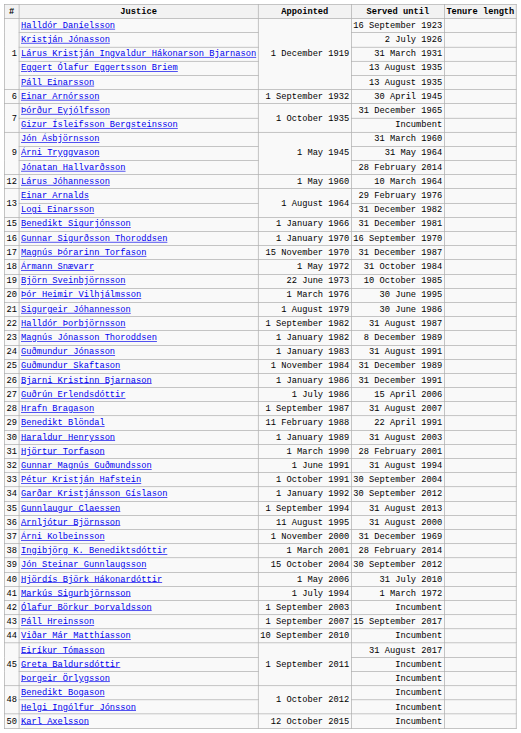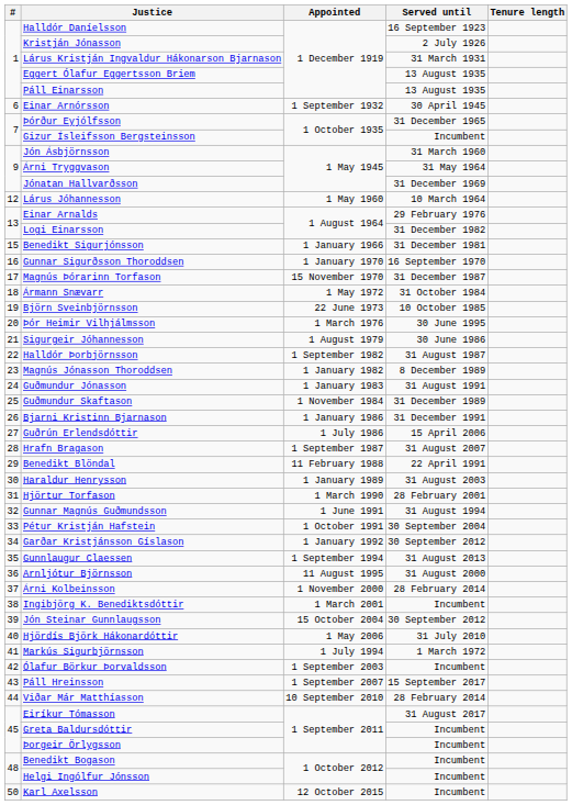 <table class="sortable wikitable" style="text-align: right;">
 <tr>
 <th>#</th>
 <th>Justice</th>
 <th>Appointed</th>
 <th>Served until</th>
 <th>Tenure length</th>
 </tr>
 <tr>
 <td rowspan="5">1</td>
 <td style="text-align: left;"><a href='#'>Halldór Daníelsson</a></td>
 <td rowspan="5">1 December 1919</td>
 <td>16 September 1923</td>
 <td></td>
 </tr>
 <tr>
 <td style="text-align: left;"><a href='#'>Kristján Jónasson</a></td>
 <td>2 July 1926</td>
 <td></td>
 </tr>
 <tr>
 <td style="text-align: left;"><a href='#'>Lárus Kristján Ingvaldur Hákonarson Bjarnason</a></td>
 <td>31 March 1931</td>
 <td></td>
 </tr>
 <tr>
 <td style="text-align: left;"><a href='#'>Eggert Ólafur Eggertsson Briem</a></td>
 <td>13 August 1935</td>
 <td></td>
 </tr>
 <tr>
 <td style="text-align: left;"><a href='#'>Páll Einarsson</a></td>
 <td>13 August 1935</td>
 <td></td>
 </tr>
 <tr>
 <td>6</td>
 <td style="text-align: left;"><a href='#'>Einar Arnórsson</a></td>
 <td>1 September 1932</td>
 <td>30 April 1945</td>
 <td></td>
 </tr>
 <tr>
 <td rowspan="2">7</td>
 <td style="text-align: left;"><a href='#'>Þórður Eyjólfsson</a></td>
 <td rowspan="2">1 October 1935</td>
 <td>31 December 1965</td>
 <td></td>
 </tr>
 <tr>
 <td style="text-align: left;"><a href='#'>Gizur Ísleifsson Bergsteinsson</a></td>
 <td>Incumbent</td>
 <td></td>
 </tr>
 <tr>
 <td rowspan="3">9</td>
 <td style="text-align: left;"><a href='#'>Jón Ásbjörnsson</a></td>
 <td rowspan="3">1 May 1945</td>
 <td>31 March 1960</td>
 <td></td>
 </tr>
 <tr>
 <td style="text-align: left;"><a href='#'>Árni Tryggvason</a></td>
 <td>31 May 1964</td>
 <td></td>
 </tr>
 <tr>
 <td style="text-align: left;"><a href='#'>Jónatan Hallvarðsson</a></td>
-<td>28 February 2014</td>
+<td>31 December 1969</td>
 <td></td>
 </tr>
 <tr>
 <td>12</td>
 <td style="text-align: left;"><a href='#'>Lárus Jóhannesson</a></td>
 <td>1 May 1960</td>
 <td>10 March 1964</td>
 <td></td>
 </tr>
 <tr>
 <td rowspan="2">13</td>
 <td style="text-align: left;"><a href='#'>Einar Arnalds</a></td>
 <td rowspan="2">1 August 1964</td>
 <td>29 February 1976</td>
 <td></td>
 </tr>
 <tr>
 <td style="text-align: left;"><a href='#'>Logi Einarsson</a></td>
 <td>31 December 1982</td>
 <td></td>
 </tr>
 <tr>
 <td>15</td>
 <td style="text-align: left;"><a href='#'>Benedikt Sigurjónsson</a></td>
 <td>1 January 1966</td>
 <td>31 December 1981</td>
 <td></td>
 </tr>
 <tr>
 <td>16</td>
 <td style="text-align: left;"><a href='#'>Gunnar Sigurðsson Thoroddsen</a></td>
 <td>1 January 1970</td>
 <td>16 September 1970</td>
 <td></td>
 </tr>
 <tr>
 <td>17</td>
 <td style="text-align: left;"><a href='#'>Magnús Þórarinn Torfason</a></td>
 <td>15 November 1970</td>
 <td>31 December 1987</td>
 <td></td>
 </tr>
 <tr>
 <td>18</td>
 <td style="text-align: left;"><a href='#'>Ármann Snævarr</a></td>
 <td>1 May 1972</td>
 <td>31 October 1984</td>
 <td></td>
 </tr>
 <tr>
 <td>19</td>
 <td style="text-align: left;"><a href='#'>Björn Sveinbjörnsson</a></td>
 <td>22 June 1973</td>
 <td>10 October 1985</td>
 <td></td>
 </tr>
 <tr>
 <td>20</td>
 <td style="text-align: left;"><a href='#'>Þór Heimir Vilhjálmsson</a></td>
 <td>1 March 1976</td>
 <td>30 June 1995</td>
 <td></td>
 </tr>
 <tr>
 <td>21</td>
 <td style="text-align: left;"><a href='#'>Sigurgeir Jóhannesson</a></td>
 <td>1 August 1979</td>
 <td>30 June 1986</td>
 <td></td>
 </tr>
 <tr>
 <td>22</td>
 <td style="text-align: left;"><a href='#'>Halldór Þorbjörnsson</a></td>
 <td>1 September 1982</td>
 <td>31 August 1987</td>
 <td></td>
 </tr>
 <tr>
 <td>23</td>
 <td style="text-align: left;"><a href='#'>Magnús Jónasson Thoroddsen</a></td>
 <td>1 January 1982</td>
 <td>8 December 1989</td>
 <td></td>
 </tr>
 <tr>
 <td>24</td>
 <td style="text-align: left;"><a href='#'>Guðmundur Jónasson</a></td>
 <td>1 January 1983</td>
 <td>31 August 1991</td>
 <td></td>
 </tr>
 <tr>
 <td>25</td>
 <td style="text-align: left;"><a href='#'>Guðmundur Skaftason</a></td>
 <td>1 November 1984</td>
 <td>31 December 1989</td>
 <td></td>
 </tr>
 <tr>
 <td>26</td>
 <td style="text-align: left;"><a href='#'>Bjarni Kristinn Bjarnason</a></td>
 <td>1 January 1986</td>
 <td>31 December 1991</td>
 <td></td>
 </tr>
 <tr>
 <td>27</td>
 <td style="text-align: left;"><a href='#'>Guðrún Erlendsdóttir</a></td>
 <td>1 July 1986</td>
 <td>15 April 2006</td>
 <td></td>
 </tr>
 <tr>
 <td>28</td>
 <td style="text-align: left;"><a href='#'>Hrafn Bragason</a></td>
 <td>1 September 1987</td>
 <td>31 August 2007</td>
 <td></td>
 </tr>
 <tr>
 <td>29</td>
 <td style="text-align: left;"><a href='#'>Benedikt Blöndal</a></td>
 <td>11 February 1988</td>
 <td>22 April 1991</td>
 <td></td>
 </tr>
 <tr>
 <td>30</td>
 <td style="text-align: left;"><a href='#'>Haraldur Henrysson</a></td>
 <td>1 January 1989</td>
 <td>31 August 2003</td>
 <td></td>
 </tr>
 <tr>
 <td>31</td>
 <td style="text-align: left;"><a href='#'>Hjörtur Torfason</a></td>
 <td>1 March 1990</td>
 <td>28 February 2001</td>
 <td></td>
 </tr>
 <tr>
 <td>32</td>
 <td style="text-align: left;"><a href='#'>Gunnar Magnús Guðmundsson</a></td>
 <td>1 June 1991</td>
 <td>31 August 1994</td>
 <td></td>
 </tr>
 <tr>
 <td>33</td>
 <td style="text-align: left;"><a href='#'>Pétur Kristján Hafstein</a></td>
 <td>1 October 1991</td>
 <td>30 September 2004</td>
 <td></td>
 </tr>
 <tr>
 <td>34</td>
 <td style="text-align: left;"><a href='#'>Garðar Kristjánsson Gíslason</a></td>
 <td>1 January 1992</td>
 <td>30 September 2012</td>
 <td></td>
 </tr>
 <tr>
 <td>35</td>
 <td style="text-align: left;"><a href='#'>Gunnlaugur Claessen</a></td>
 <td>1 September 1994</td>
 <td>31 August 2013</td>
 <td></td>
 </tr>
 <tr>
 <td>36</td>
 <td style="text-align: left;"><a href='#'>Arnljótur Björnsson</a></td>
 <td>11 August 1995</td>
 <td>31 August 2000</td>
 <td></td>
 </tr>
 <tr>
 <td>37</td>
 <td style="text-align: left;"><a href='#'>Árni Kolbeinsson</a></td>
 <td>1 November 2000</td>
-<td>31 December 1969</td>
+<td>28 February 2014</td>
 <td></td>
 </tr>
 <tr>
 <td>38</td>
 <td style="text-align: left;"><a href='#'>Ingibjörg K. Benediktsdóttir</a></td>
 <td>1 March 2001</td>
-<td>28 February 2014</td>
+<td>Incumbent</td>
 <td></td>
 </tr>
 <tr>
 <td>39</td>
 <td style="text-align: left;"><a href='#'>Jón Steinar Gunnlaugsson</a></td>
 <td>15 October 2004</td>
 <td>30 September 2012</td>
 <td></td>
 </tr>
 <tr>
 <td>40</td>
 <td style="text-align: left;"><a href='#'>Hjördís Björk Hákonardóttir</a></td>
 <td>1 May 2006</td>
 <td>31 July 2010</td>
 <td></td>
 </tr>
 <tr>
 <td>41</td>
 <td style="text-align: left;"><a href='#'>Markús Sigurbjörnsson</a></td>
 <td>1 July 1994</td>
 <td>1 March 1972</td>
 <td></td>
 </tr>
 <tr>
 <td>42</td>
 <td style="text-align: left;"><a href='#'>Ólafur Börkur Þorvaldsson</a></td>
 <td>1 September 2003</td>
 <td>Incumbent</td>
 <td></td>
 </tr>
 <tr>
 <td>43</td>
 <td style="text-align: left;"><a href='#'>Páll Hreinsson</a></td>
 <td>1 September 2007</td>
 <td>15 September 2017</td>
 <td></td>
 </tr>
 <tr>
 <td>44</td>
 <td style="text-align: left;"><a href='#'>Viðar Már Matthíasson</a></td>
 <td>10 September 2010</td>
-<td>Incumbent</td>
+<td>28 February 2014</td>
 <td></td>
 </tr>
 <tr>
 <td rowspan="3">45</td>
 <td style="text-align: left;"><a href='#'>Eiríkur Tómasson</a></td>
 <td rowspan="3">1 September 2011</td>
 <td>31 August 2017</td>
 <td></td>
 </tr>
 <tr>
 <td style="text-align: left;"><a href='#'>Greta Baldursdóttir</a></td>
 <td>Incumbent</td>
 <td></td>
 </tr>
 <tr>
 <td style="text-align: left;"><a href='#'>Þorgeir Örlygsson</a></td>
 <td>Incumbent</td>
 <td></td>
 </tr>
 <tr>
 <td rowspan="2">48</td>
 <td style="text-align: left;"><a href='#'>Benedikt Bogason</a></td>
 <td rowspan="2">1 October 2012</td>
 <td>Incumbent</td>
 <td></td>
 </tr>
 <tr>
 <td style="text-align: left;"><a href='#'>Helgi Ingólfur Jónsson</a></td>
 <td>Incumbent</td>
 <td></td>
 </tr>
 <tr>
 <td>50</td>
 <td style="text-align: left;"><a href='#'>Karl Axelsson</a></td>
 <td>12 October 2015</td>
 <td>Incumbent</td>
 <td></td>
 </tr>
 </table>
